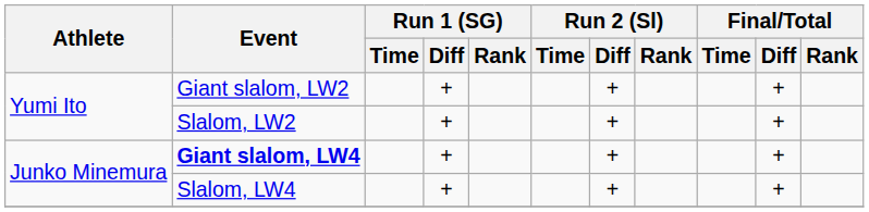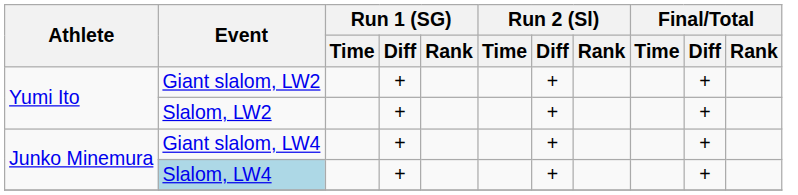 <table class="wikitable" style="font-size:100%">
 <tr>
 <th rowspan="2">Athlete</th>
 <th rowspan="2">Event</th>
 <th colspan="3">Run 1 (SG)</th>
 <th colspan="3">Run 2 (Sl)</th>
 <th colspan="3">Final/Total</th>
 </tr>
 <tr>
 <th>Time</th>
 <th>Diff</th>
 <th>Rank</th>
 <th>Time</th>
 <th>Diff</th>
 <th>Rank</th>
 <th>Time</th>
 <th>Diff</th>
 <th>Rank</th>
 </tr>
 <tr>
 <td rowspan=2><a href='#'>Yumi Ito</a></td>
 <td><a href='#'>Giant slalom, LW2</a></td>
 <td align="center"></td>
 <td align="center">+</td>
 <td align="center"></td>
 <td align="center"></td>
 <td align="center">+</td>
 <td align="center"></td>
 <td align="center"></td>
 <td align="center">+</td>
 <td colspan="3" align="center"></td>
 </tr>
 <tr>
 <td><a href='#'>Slalom, LW2</a></td>
 <td align="center"></td>
 <td align="center">+</td>
 <td align="center"></td>
 <td align="center"></td>
 <td align="center">+</td>
 <td align="center"></td>
 <td align="center"></td>
 <td align="center">+</td>
 <td colspan="3" align="center"></td>
 </tr>
 <tr>
 <td rowspan=2><a href='#'>Junko Minemura</a></td>
-<td><strong><a href='#'>Giant slalom, LW4</a></strong></td>
+<td><a href='#'>Giant slalom, LW4</a></td>
 <td align="center"></td>
 <td align="center">+</td>
 <td align="center"></td>
 <td align="center"></td>
 <td align="center">+</td>
 <td align="center"></td>
 <td align="center"></td>
 <td align="center">+</td>
 <td colspan="3" align="center"></td>
 </tr>
 <tr>
-<td><a href='#'>Slalom, LW4</a></td>
+<td style="background: lightblue;"><a href='#'>Slalom, LW4</a></td>
 <td align="center"></td>
 <td align="center">+</td>
 <td align="center"></td>
 <td align="center"></td>
 <td align="center">+</td>
 <td align="center"></td>
 <td align="center"></td>
 <td align="center">+</td>
 <td colspan="3" align="center"></td>
 </tr>
 <tr>
 </tr>
 </table>
